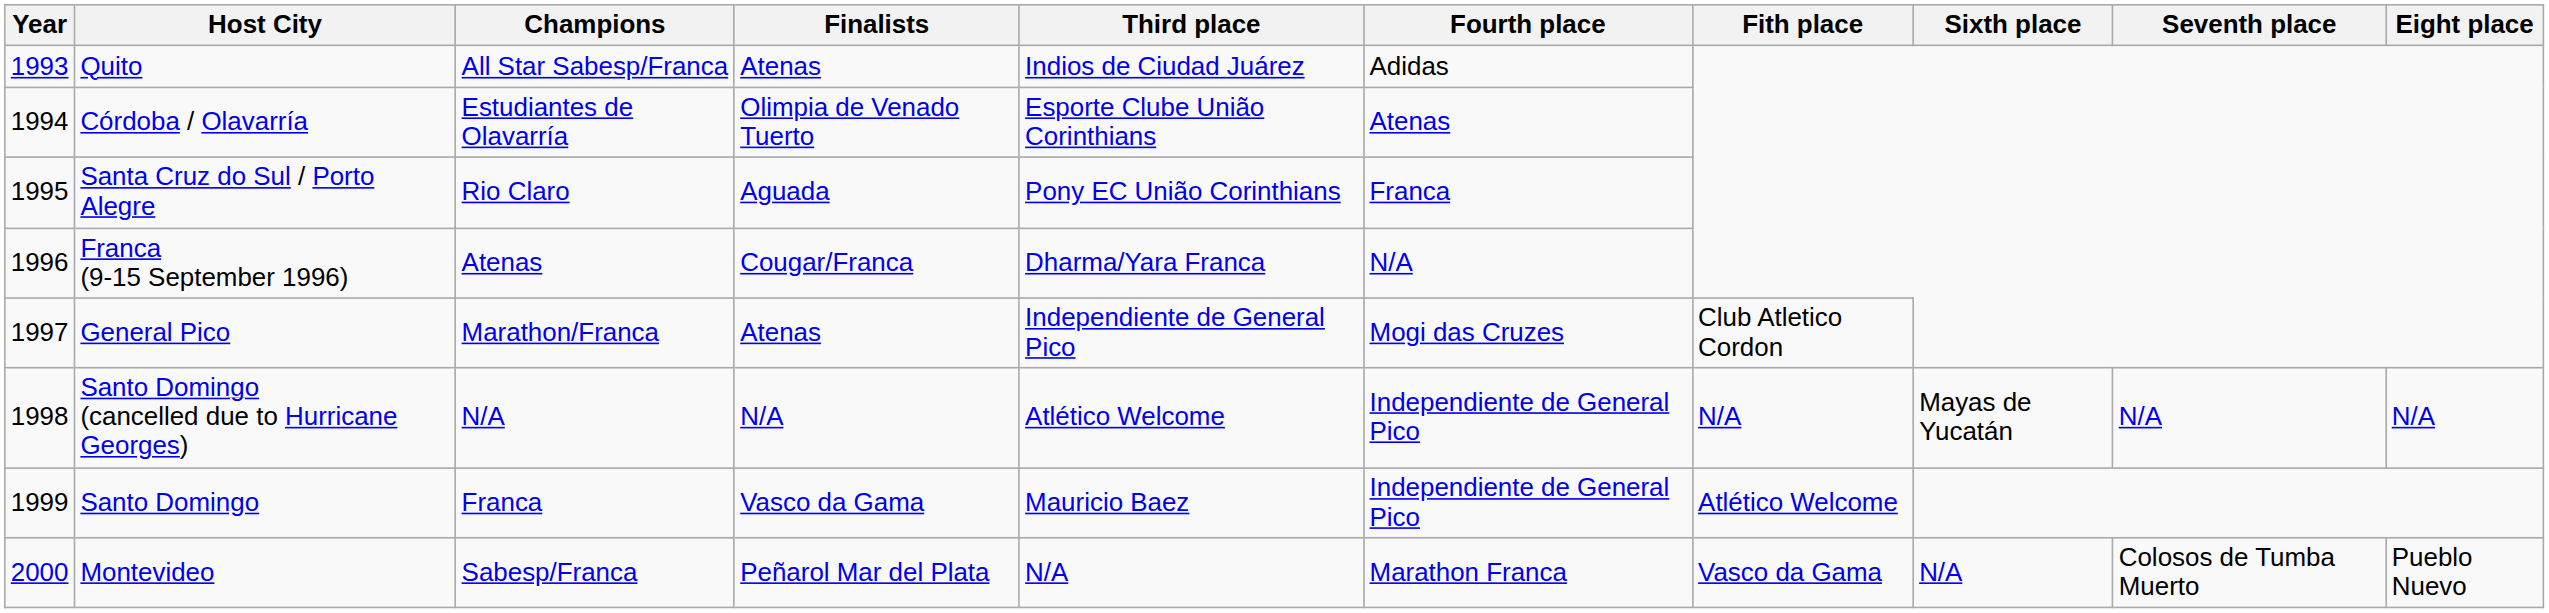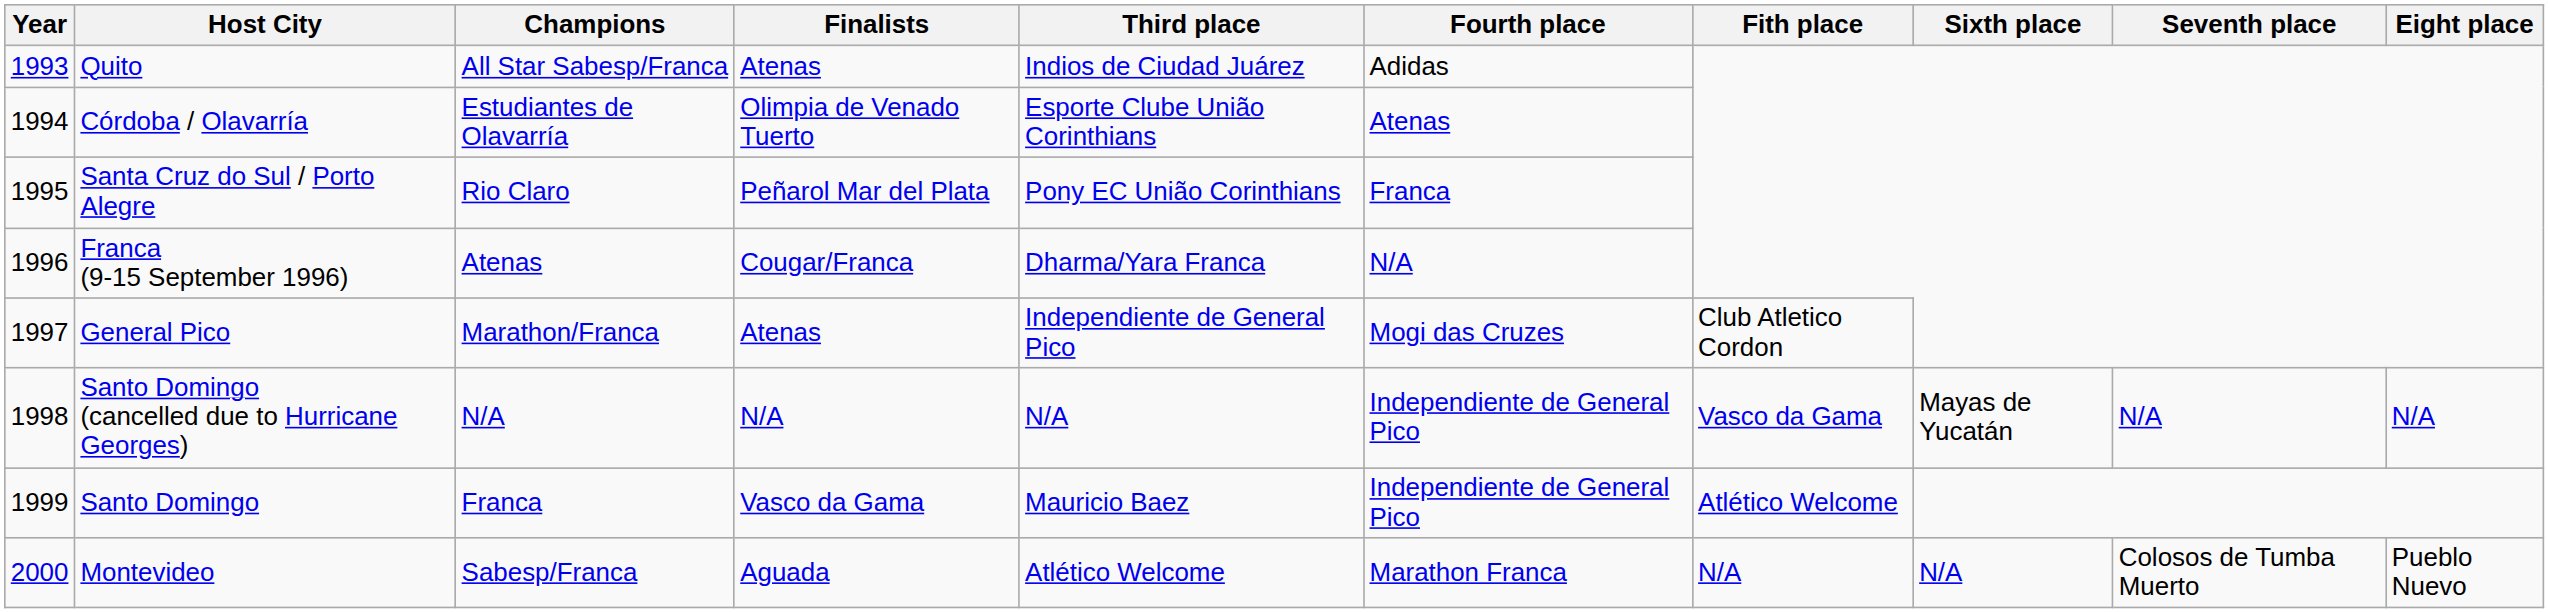 <table class="wikitable">
 <tr>
 <th>Year</th>
 <th>Host City</th>
 <th>Champions</th>
 <th>Finalists</th>
 <th>Third place</th>
 <th>Fourth place</th>
 <th>Fith place</th>
 <th>Sixth place</th>
 <th>Seventh place</th>
 <th>Eight place</th>
 </tr>
 <tr>
 <td><a href='#'>1993</a></td>
 <td> <a href='#'>Quito</a></td>
 <td> <a href='#'>All Star Sabesp/Franca</a></td>
 <td>  <a href='#'>Atenas</a></td>
 <td> <a href='#'>Indios de Ciudad Juárez</a></td>
 <td> Adidas</td>
 </tr>
 <tr>
 <td>1994</td>
 <td> <a href='#'>Córdoba</a> / <a href='#'>Olavarría</a></td>
 <td> <a href='#'>Estudiantes de Olavarría</a></td>
 <td> <a href='#'>Olimpia de Venado Tuerto</a></td>
 <td> <a href='#'>Esporte Clube União Corinthians</a></td>
 <td>  <a href='#'>Atenas</a></td>
 </tr>
 <tr>
 <td>1995</td>
 <td> <a href='#'>Santa Cruz do Sul</a> / <a href='#'>Porto Alegre</a></td>
 <td> <a href='#'>Rio Claro</a></td>
-<td> <a href='#'>Aguada</a></td>
+<td> <a href='#'>Peñarol Mar del Plata</a></td>
 <td> <a href='#'>Pony EC União Corinthians</a></td>
 <td> <a href='#'>Franca</a></td>
 </tr>
 <tr>
 <td>1996</td>
 <td> <a href='#'>Franca</a><br>(9-15 September 1996)</td>
 <td> <a href='#'>Atenas</a></td>
 <td> <a href='#'>Cougar/Franca</a></td>
 <td> <a href='#'>Dharma/Yara Franca</a></td>
 <td><a href='#'>N/A</a></td>
 </tr>
 <tr>
 <td>1997</td>
 <td> <a href='#'>General Pico</a></td>
 <td> <a href='#'>Marathon/Franca</a></td>
 <td> <a href='#'>Atenas</a></td>
 <td> <a href='#'>Independiente de General Pico</a></td>
 <td> <a href='#'>Mogi das Cruzes</a></td>
 <td> Club Atletico Cordon</td>
 </tr>
 <tr>
 <td>1998 </td>
 <td> <a href='#'>Santo Domingo</a> <br>(cancelled due to <a href='#'>Hurricane Georges</a>)</td>
 <td><a href='#'>N/A</a></td>
 <td><a href='#'>N/A</a></td>
-<td> <a href='#'>Atlético Welcome</a></td>
+<td><a href='#'>N/A</a></td>
 <td> <a href='#'>Independiente de General Pico</a></td>
-<td><a href='#'>N/A</a></td>
+<td> <a href='#'>Vasco da Gama</a></td>
 <td> Mayas de Yucatán</td>
 <td><a href='#'>N/A</a></td>
 <td><a href='#'>N/A</a></td>
 </tr>
 <tr>
 <td>1999</td>
 <td> <a href='#'>Santo Domingo</a></td>
 <td>  <a href='#'>Franca</a></td>
 <td> <a href='#'>Vasco da Gama</a></td>
 <td> <a href='#'>Mauricio Baez</a></td>
 <td> <a href='#'>Independiente de General Pico</a></td>
 <td> <a href='#'>Atlético Welcome</a></td>
 </tr>
 <tr>
 <td><a href='#'>2000</a></td>
 <td> <a href='#'>Montevideo</a></td>
 <td> <a href='#'>Sabesp/Franca</a></td>
-<td> <a href='#'>Peñarol Mar del Plata</a></td>
+<td> <a href='#'>Aguada</a></td>
+<td> <a href='#'>Atlético Welcome</a></td>
+<td> <a href='#'>Marathon Franca</a></td>
 <td><a href='#'>N/A</a></td>
-<td> <a href='#'>Marathon Franca</a></td>
-<td> <a href='#'>Vasco da Gama</a></td>
 <td><a href='#'>N/A</a></td>
 <td> Colosos de Tumba Muerto</td>
 <td> Pueblo Nuevo</td>
 </tr>
 </table>
